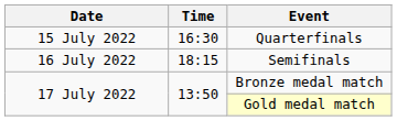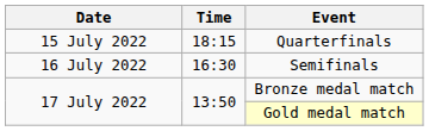 <table class = "wikitable" style="text-align:center;">
 <tr>
 <th width=150>Date</th>
 <th width=50>Time</th>
 <th width=150>Event</th>
 </tr>
 <tr>
 <td>15 July 2022</td>
-<td>16:30</td>
+<td>18:15</td>
 <td>Quarterfinals</td>
 </tr>
 <tr>
 <td>16 July 2022</td>
-<td>18:15</td>
+<td>16:30</td>
 <td>Semifinals</td>
 </tr>
 <tr>
 <td rowspan=2>17 July 2022</td>
 <td rowspan=2>13:50</td>
 <td>Bronze  medal match</td>
 </tr>
 <tr>
 <td bgcolor=ffffcc>Gold medal match</td>
 </tr>
 </table>
